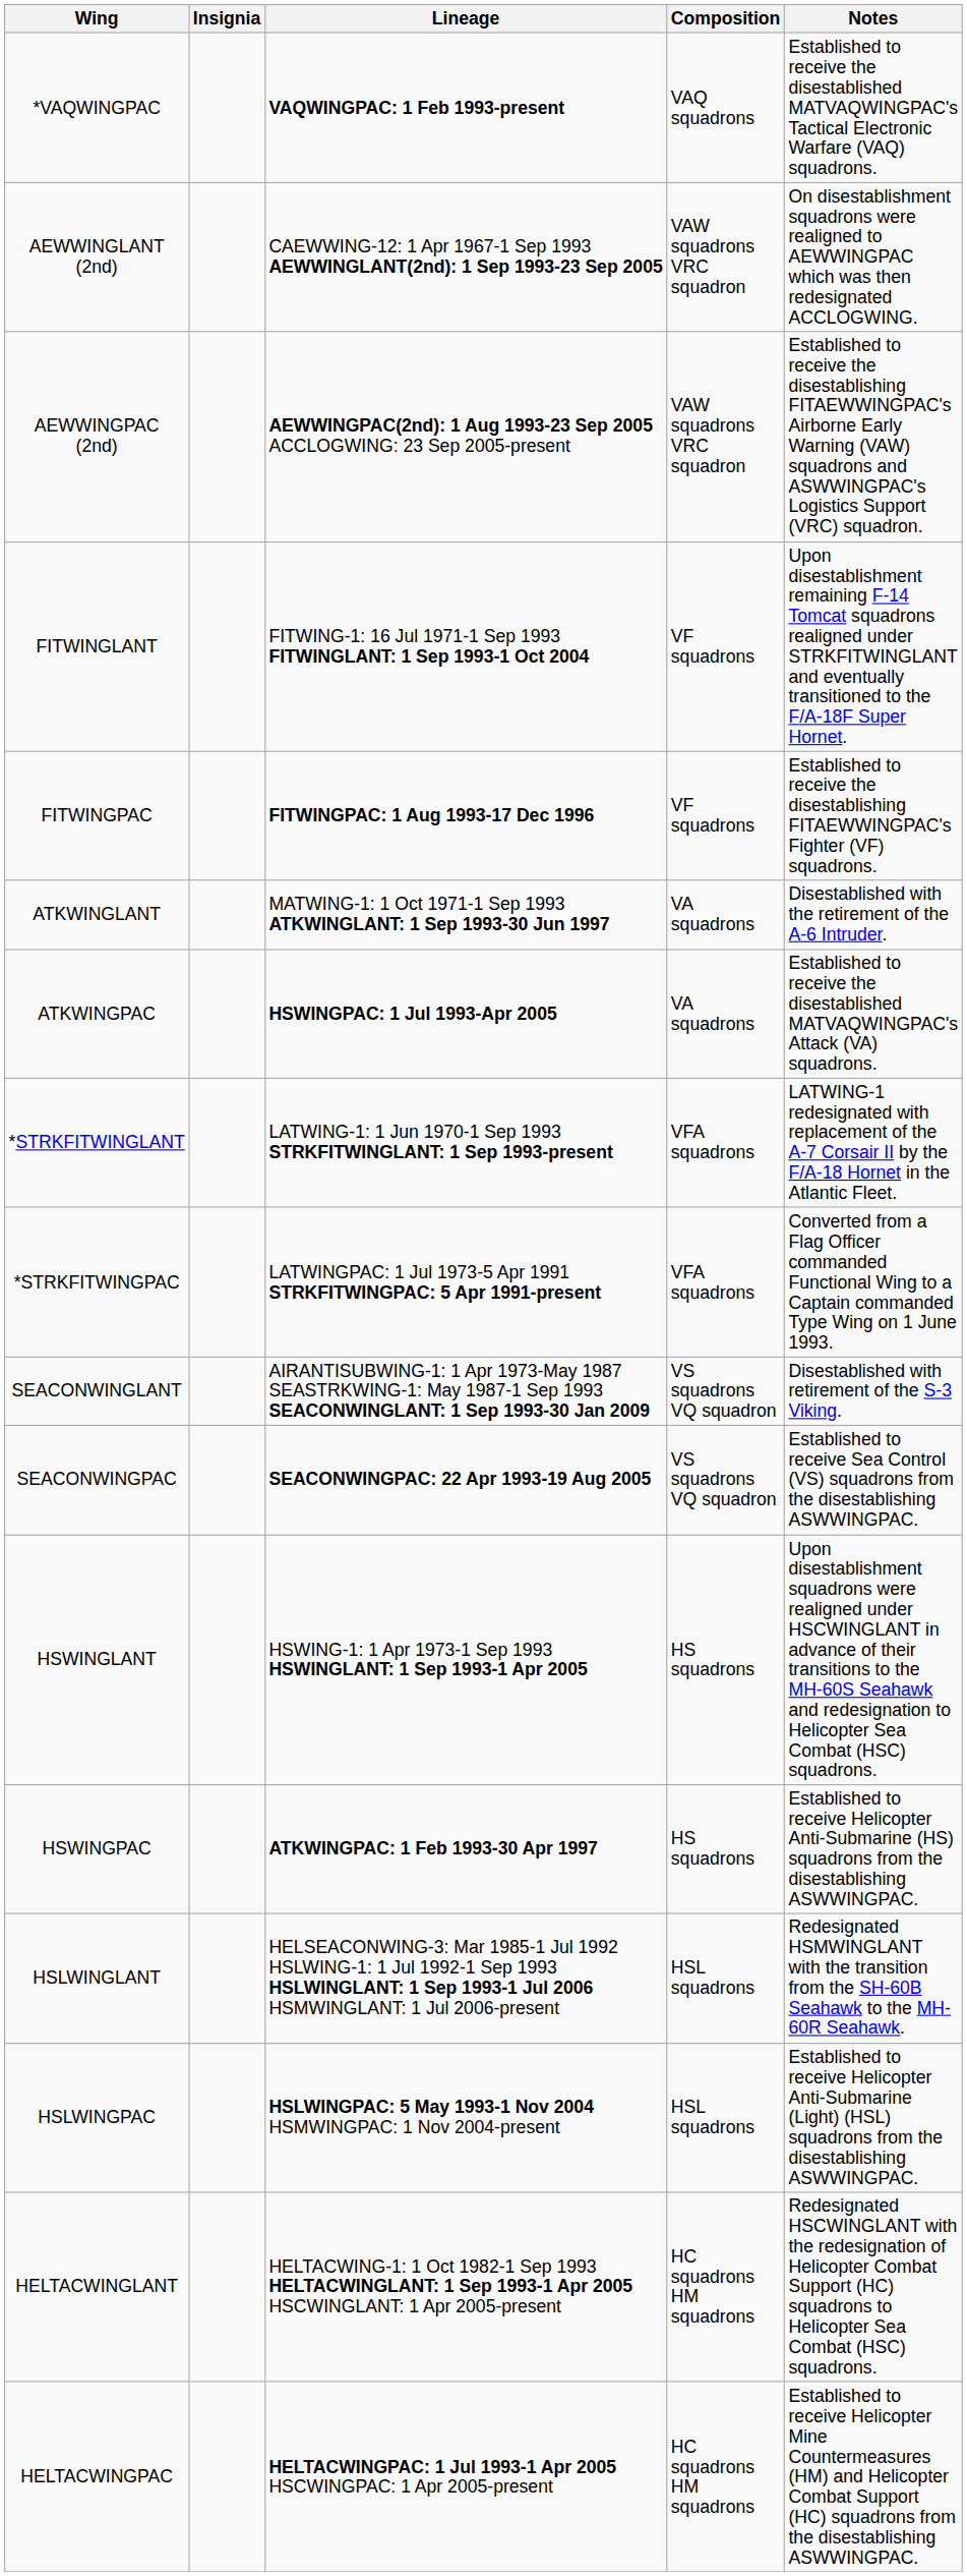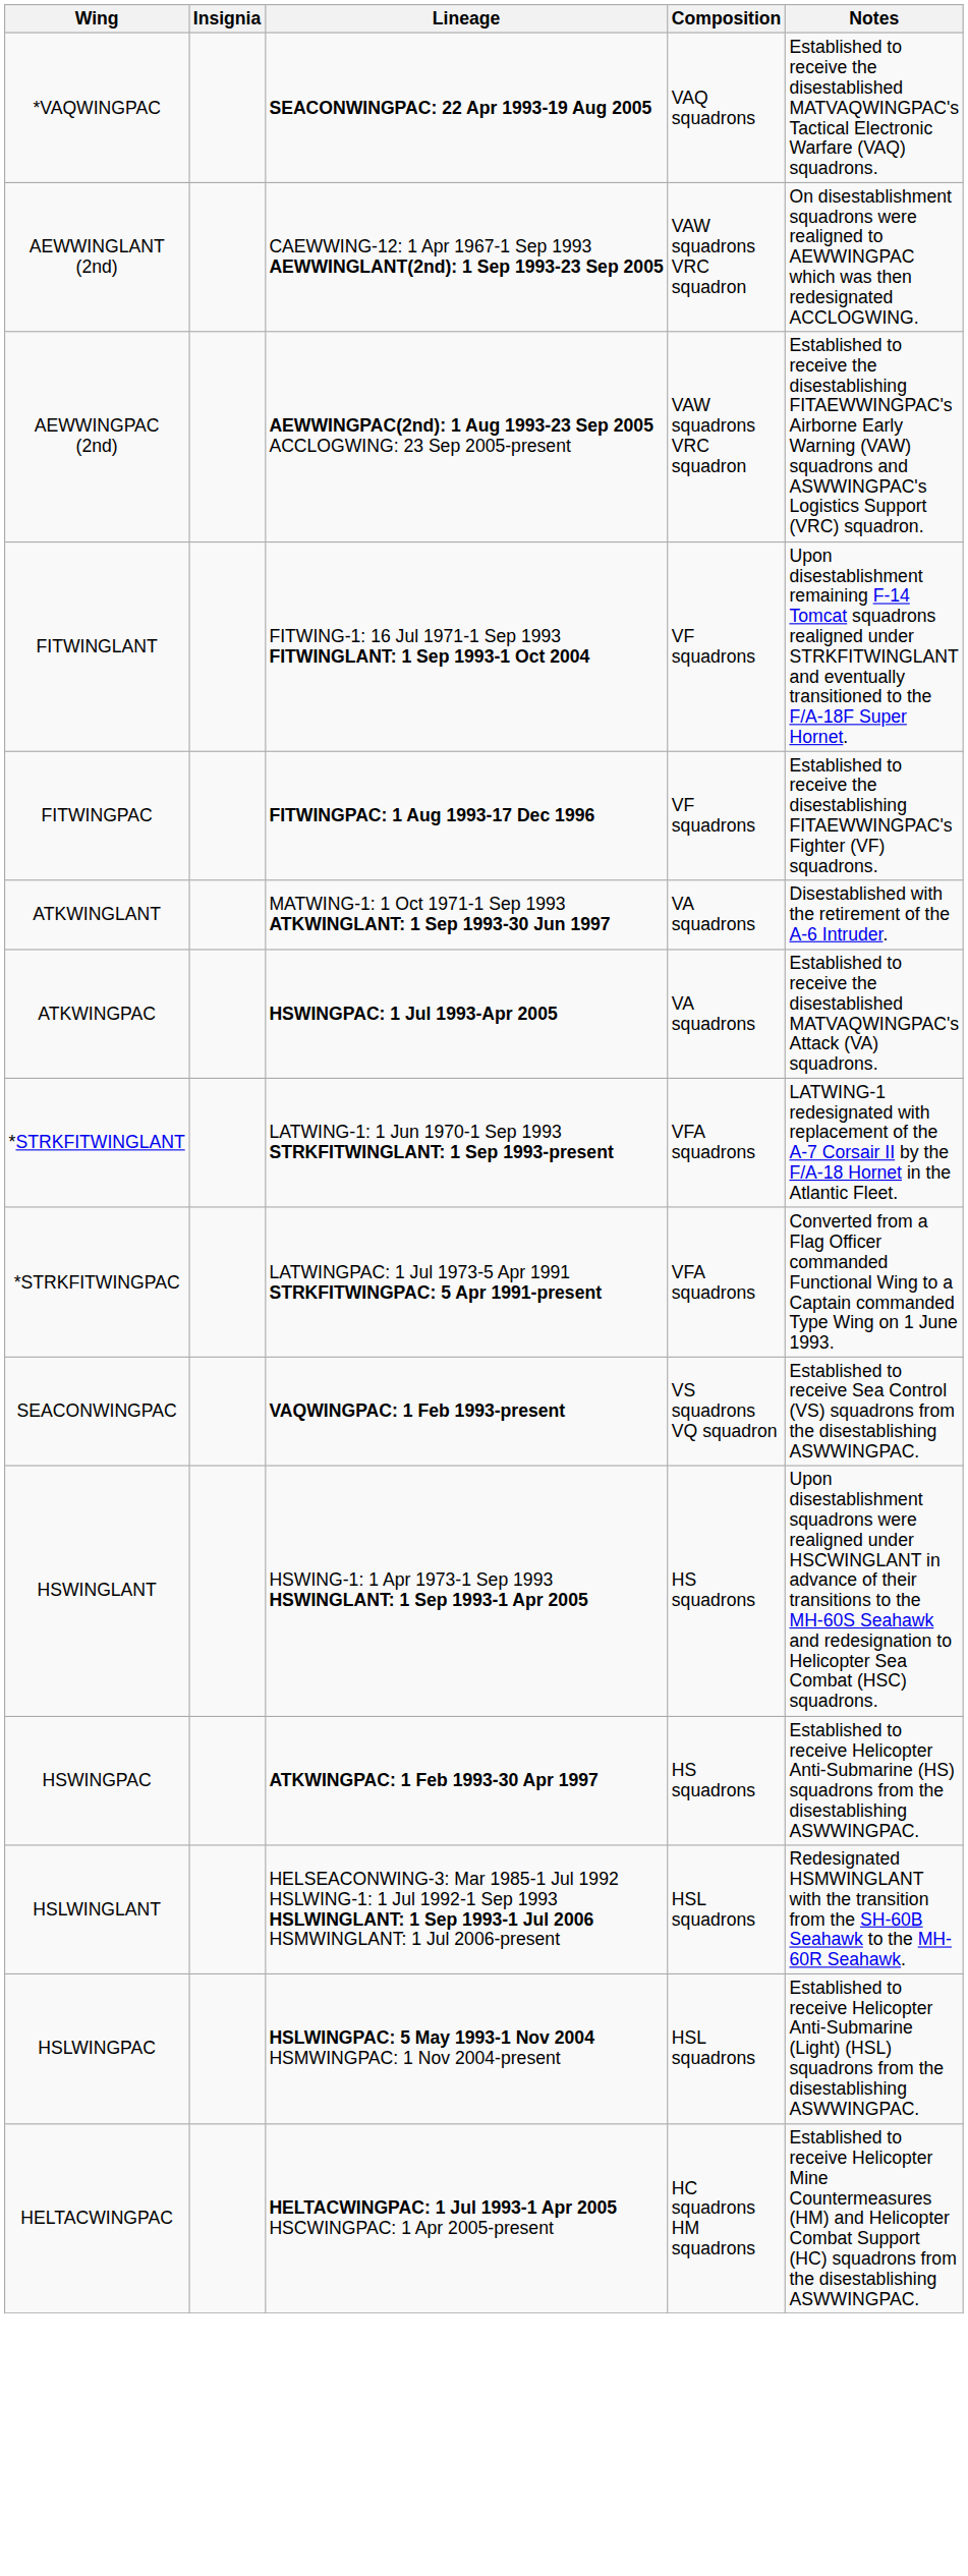 <table class="wikitable" width=100% style="text-align: left">
 <tr>
 <th>Wing</th>
 <th>Insignia</th>
 <th>Lineage</th>
 <th>Composition</th>
 <th>Notes</th>
 </tr>
 <tr>
 <td align=center>*VAQWINGPAC</td>
 <td></td>
-<td><strong>VAQWINGPAC: 1 Feb 1993-present</strong></td>
+<td><strong>SEACONWINGPAC: 22 Apr 1993-19 Aug 2005</strong></td>
 <td>VAQ squadrons</td>
 <td>Established to receive the disestablished MATVAQWINGPAC's Tactical Electronic Warfare (VAQ) squadrons.</td>
 </tr>
 <tr>
 <td align=center style="white-space: nowrap;">AEWWINGLANT<br>(2nd)</td>
 <td></td>
 <td style="white-space: nowrap;">CAEWWING-12: 1 Apr 1967-1 Sep 1993<br><strong>AEWWINGLANT(2nd): 1 Sep 1993-23 Sep 2005</strong></td>
 <td>VAW squadrons<br>VRC squadron</td>
 <td>On disestablishment squadrons were realigned to AEWWINGPAC which was then redesignated ACCLOGWING.</td>
 </tr>
 <tr>
 <td align=center style="white-space: nowrap;">AEWWINGPAC <br>(2nd)</td>
 <td></td>
 <td><strong>AEWWINGPAC(2nd): 1 Aug 1993-23 Sep 2005</strong><br>ACCLOGWING: 23 Sep 2005-present</td>
 <td>VAW squadrons<br>VRC squadron</td>
 <td>Established to receive the disestablishing FITAEWWINGPAC's Airborne Early Warning (VAW) squadrons and ASWWINGPAC's Logistics Support (VRC) squadron.</td>
 </tr>
 <tr>
 <td align=center>FITWINGLANT</td>
 <td></td>
 <td>FITWING-1: 16 Jul 1971-1 Sep 1993<br><strong>FITWINGLANT: 1 Sep 1993-1 Oct 2004</strong></td>
 <td>VF squadrons</td>
 <td>Upon disestablishment remaining <a href='#'>F-14 Tomcat</a> squadrons realigned under STRKFITWINGLANT and eventually transitioned to the <a href='#'>F/A-18F Super Hornet</a>.</td>
 </tr>
 <tr>
 <td align=center>FITWINGPAC</td>
 <td></td>
 <td><strong>FITWINGPAC: 1 Aug 1993-17 Dec 1996</strong></td>
 <td>VF squadrons</td>
 <td>Established to receive the disestablishing FITAEWWINGPAC's Fighter (VF) squadrons. </td>
 </tr>
 <tr>
 <td align=center>ATKWINGLANT</td>
 <td></td>
 <td>MATWING-1: 1 Oct 1971-1 Sep 1993<br><strong>ATKWINGLANT: 1 Sep 1993-30 Jun 1997</strong></td>
 <td>VA squadrons</td>
 <td>Disestablished with the retirement of the <a href='#'>A-6 Intruder</a>.</td>
 </tr>
 <tr>
 <td align=center>ATKWINGPAC</td>
 <td></td>
 <td><strong>HSWINGPAC: 1 Jul 1993-Apr 2005</strong></td>
 <td>VA squadrons</td>
 <td>Established to receive the disestablished MATVAQWINGPAC's Attack (VA) squadrons. </td>
 </tr>
 <tr>
 <td align=center>*<a href='#'>STRKFITWINGLANT</a></td>
 <td></td>
 <td>LATWING-1: 1 Jun 1970-1 Sep 1993<br><strong>STRKFITWINGLANT: 1 Sep 1993-present</strong></td>
 <td>VFA squadrons</td>
 <td>LATWING-1 redesignated with replacement of the <a href='#'>A-7 Corsair II</a> by the <a href='#'>F/A-18 Hornet</a> in the Atlantic Fleet.</td>
 </tr>
 <tr>
 <td align=center>*STRKFITWINGPAC</td>
 <td></td>
 <td>LATWINGPAC: 1 Jul 1973-5 Apr 1991<br><strong>STRKFITWINGPAC: 5 Apr 1991-present</strong></td>
 <td>VFA squadrons</td>
 <td>Converted from a Flag Officer commanded Functional Wing to a Captain commanded Type Wing on 1 June 1993.</td>
 </tr>
 <tr>
-<td align=center>SEACONWINGLANT</td>
-<td></td>
-<td>AIRANTISUBWING-1: 1 Apr 1973-May 1987<br>SEASTRKWING-1: May 1987-1 Sep 1993<br><strong>SEACONWINGLANT: 1 Sep 1993-30 Jan 2009</strong></td>
-<td>VS squadrons<br>VQ squadron</td>
-<td>Disestablished with retirement of the <a href='#'>S-3 Viking</a>.</td>
-</tr>
-<tr>
 <td align=center>SEACONWINGPAC</td>
 <td></td>
-<td><strong>SEACONWINGPAC: 22 Apr 1993-19 Aug 2005</strong></td>
+<td><strong>VAQWINGPAC: 1 Feb 1993-present</strong></td>
 <td>VS squadrons<br>VQ squadron</td>
 <td>Established to receive Sea Control (VS) squadrons from the disestablishing ASWWINGPAC. </td>
 </tr>
 <tr>
 <td align=center>HSWINGLANT</td>
 <td></td>
 <td>HSWING-1: 1 Apr 1973-1 Sep 1993<br><strong>HSWINGLANT: 1 Sep 1993-1 Apr 2005</strong></td>
 <td>HS squadrons</td>
 <td>Upon disestablishment squadrons were realigned under HSCWINGLANT in advance of their transitions to the <a href='#'>MH-60S Seahawk</a> and redesignation to Helicopter Sea Combat (HSC) squadrons.</td>
 </tr>
 <tr>
 <td align=center>HSWINGPAC</td>
 <td></td>
 <td><strong>ATKWINGPAC: 1 Feb 1993-30 Apr 1997</strong></td>
 <td>HS squadrons</td>
 <td>Established to receive Helicopter Anti-Submarine (HS) squadrons from the disestablishing ASWWINGPAC. </td>
 </tr>
 <tr>
 <td align=center>HSLWINGLANT</td>
 <td></td>
 <td>HELSEACONWING-3: Mar 1985-1 Jul 1992<br>HSLWING-1: 1 Jul 1992-1 Sep 1993<br><strong>HSLWINGLANT: 1 Sep 1993-1 Jul 2006</strong><br>HSMWINGLANT: 1 Jul 2006-present</td>
 <td>HSL squadrons</td>
 <td>Redesignated HSMWINGLANT with the transition from the <a href='#'>SH-60B Seahawk</a> to the <a href='#'>MH-60R Seahawk</a>.</td>
 </tr>
 <tr>
 <td align=center>HSLWINGPAC</td>
 <td></td>
 <td><strong>HSLWINGPAC: 5 May 1993-1 Nov 2004</strong><br>HSMWINGPAC: 1 Nov 2004-present</td>
 <td>HSL squadrons</td>
 <td>Established to receive Helicopter Anti-Submarine (Light) (HSL) squadrons from the disestablishing ASWWINGPAC. </td>
 </tr>
 <tr>
-<td align=center>HELTACWINGLANT</td>
-<td></td>
-<td>HELTACWING-1: 1 Oct 1982-1 Sep 1993<br><strong>HELTACWINGLANT: 1 Sep 1993-1 Apr 2005</strong><br>HSCWINGLANT: 1 Apr 2005-present</td>
-<td>HC squadrons<br>HM squadrons</td>
-<td>Redesignated HSCWINGLANT with the redesignation of Helicopter Combat Support (HC) squadrons to Helicopter Sea Combat (HSC) squadrons.</td>
-</tr>
-<tr>
 <td align=center>HELTACWINGPAC</td>
 <td></td>
 <td><strong>HELTACWINGPAC: 1 Jul 1993-1 Apr 2005</strong><br>HSCWINGPAC: 1 Apr 2005-present</td>
 <td>HC squadrons<br>HM squadrons</td>
 <td>Established to receive Helicopter Mine Countermeasures (HM) and Helicopter Combat Support (HC) squadrons from the disestablishing ASWWINGPAC. </td>
 </tr>
 </table>
